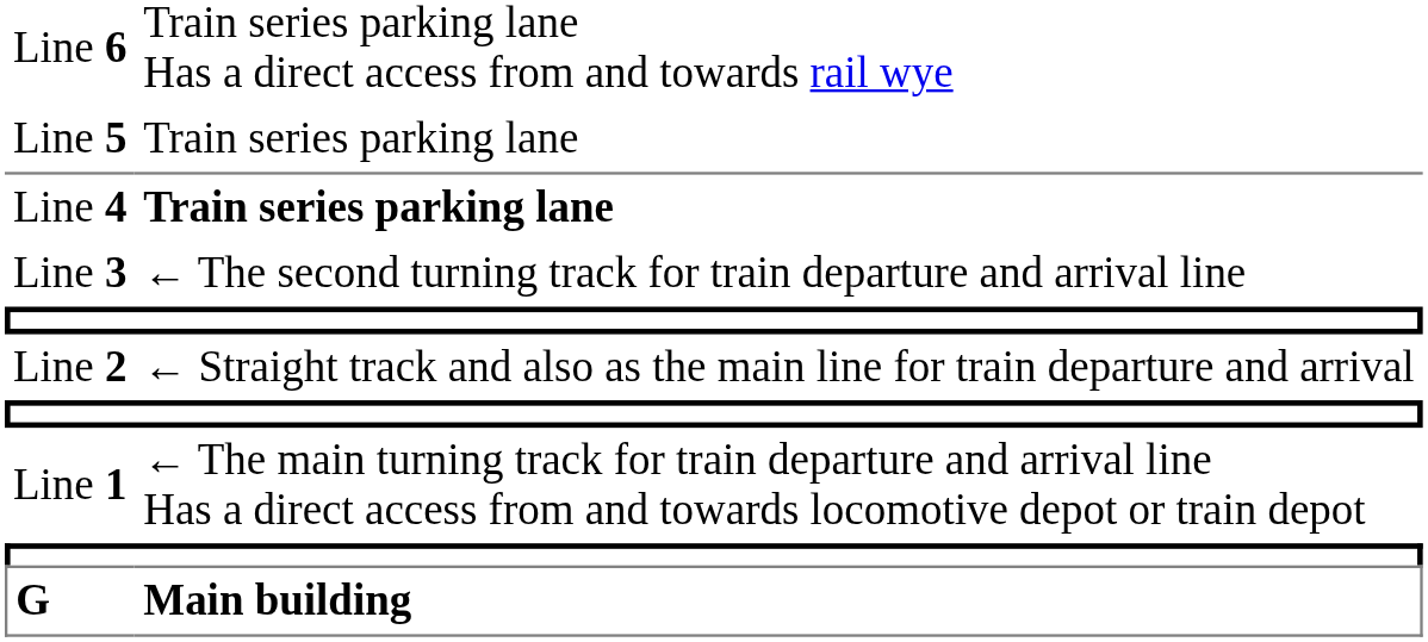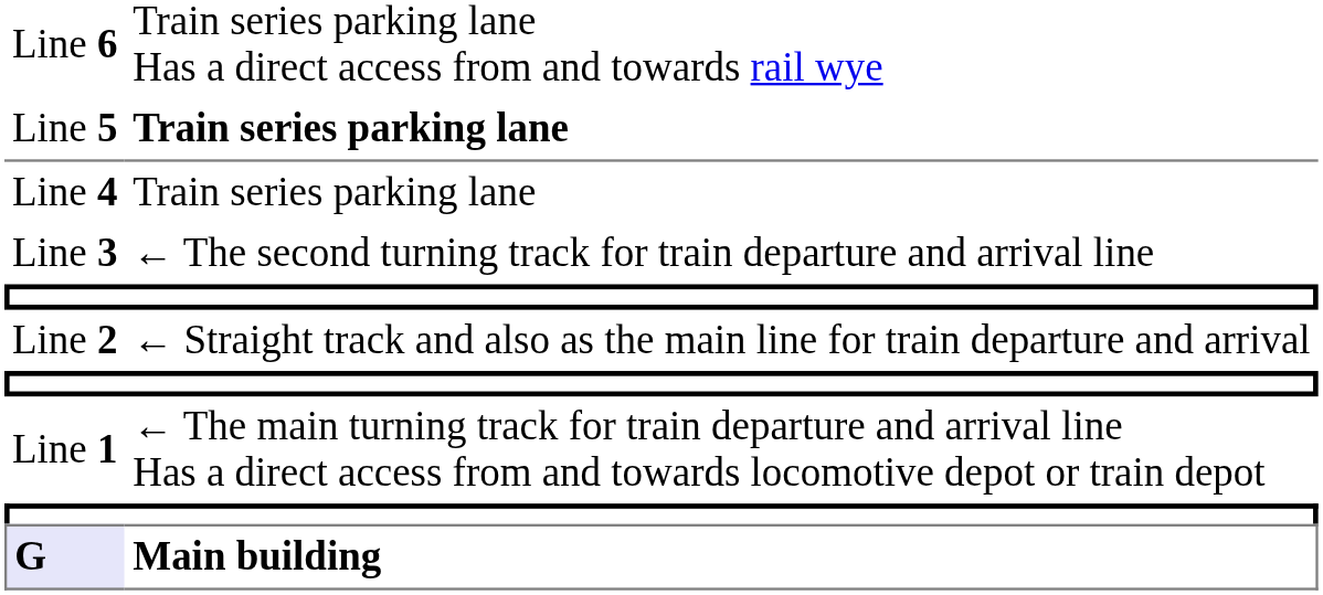 <table cellspacing="0" cellpadding="3">
 <tr>
 <td></td>
 <td></td>
 </tr>
 <tr>
 <td>Line <strong>6</strong></td>
 <td>Train series parking lane<br>Has a direct access from and towards <a href='#'>rail wye</a></td>
 </tr>
 <tr>
 <td>Line <strong>5</strong></td>
-<td>Train series parking lane</td>
+<td><strong>Train series parking lane</strong></td>
 </tr>
 <tr>
 <td style="border-top:solid 1px gray">Line <strong>4</strong></td>
-<td style="border-top:solid 1px gray"><strong>Train series parking lane</strong></td>
+<td style="border-top:solid 1px gray">Train series parking lane</td>
 </tr>
 <tr>
 <td>Line <strong>3</strong></td>
 <td>←  The second turning track for train departure and arrival line</td>
 </tr>
 <tr>
 <td colspan="2" style="border-top:solid 2px black;border-left:solid 2px black;border-right:solid 2px black;border-bottom:solid 2px black; text-align:center"></td>
 </tr>
 <tr>
 <td>Line <strong>2</strong></td>
 <td>←  Straight track and also as the main line for train departure and arrival</td>
 </tr>
 <tr>
 <td colspan="2" style="border-top:solid 2px black;border-left:solid 2px black;border-right:solid 2px black;border-bottom:solid 2px black; text-align:center"></td>
 </tr>
 <tr>
 <td>Line <strong>1</strong></td>
 <td>←  The main turning track for train departure and arrival line<br>Has a direct access from and towards locomotive depot or train depot</td>
 </tr>
 <tr>
 <td colspan="2" style="border-top:solid 2px black;border-left:solid 2px black;border-right:solid 2px black; text-align:center"></td>
 </tr>
 <tr>
-<td style="border:solid 1px gray; border-right:none;"><strong>G</strong></td>
+<td style="background: lavender; border:solid 1px gray; border-right:none;"><strong>G</strong></td>
 <td style="border:solid 1px gray; border-left:none;"><strong>Main building</strong></td>
 </tr>
 </table>
